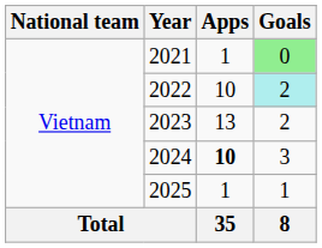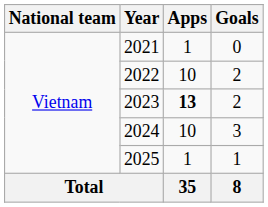 <table class="wikitable" style="text-align:center">
 <tr>
 <th>National team</th>
 <th>Year</th>
 <th>Apps</th>
 <th>Goals</th>
 </tr>
 <tr>
 <td rowspan="5"><a href='#'>Vietnam</a></td>
 <td>2021</td>
 <td>1</td>
-<td style="background: lightgreen;">0</td>
+<td>0</td>
 </tr>
 <tr>
 <td>2022</td>
 <td>10</td>
-<td style="background: paleturquoise;">2</td>
+<td>2</td>
 </tr>
 <tr>
 <td>2023</td>
-<td>13</td>
+<td><strong>13</strong></td>
 <td>2</td>
 </tr>
 <tr>
 <td>2024</td>
-<td><strong>10</strong></td>
+<td>10</td>
 <td>3</td>
 </tr>
 <tr>
 <td>2025</td>
 <td>1</td>
 <td>1</td>
 </tr>
 <tr>
 <th colspan="2">Total</th>
 <th>35</th>
 <th>8</th>
 </tr>
 </table>
